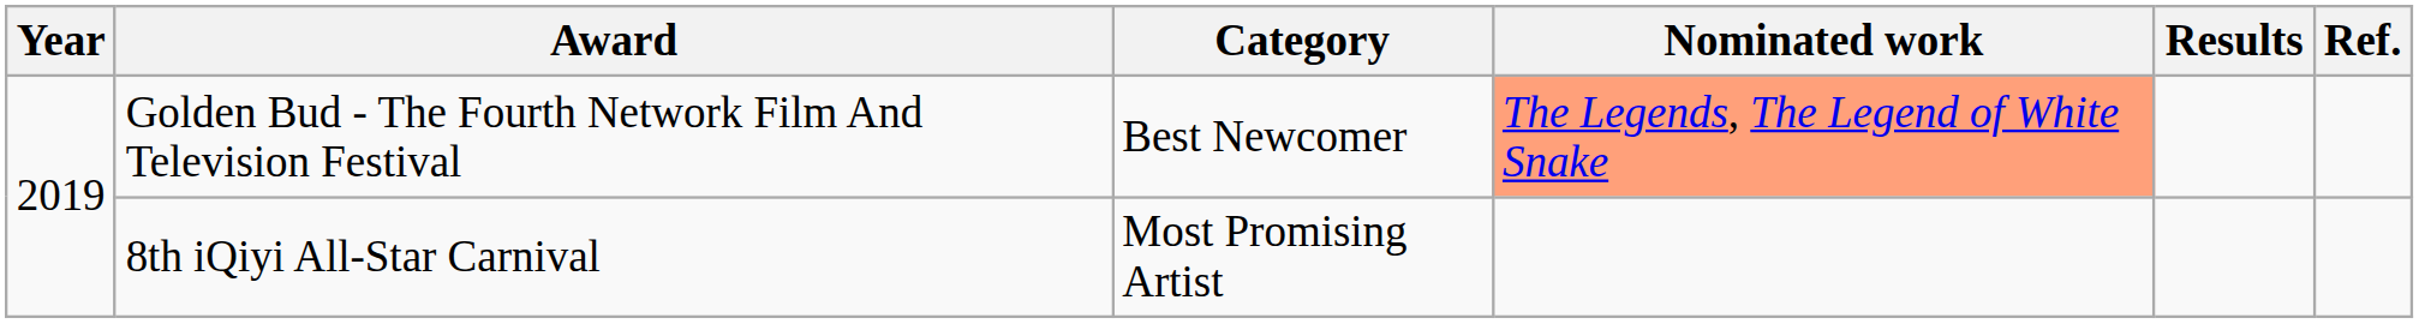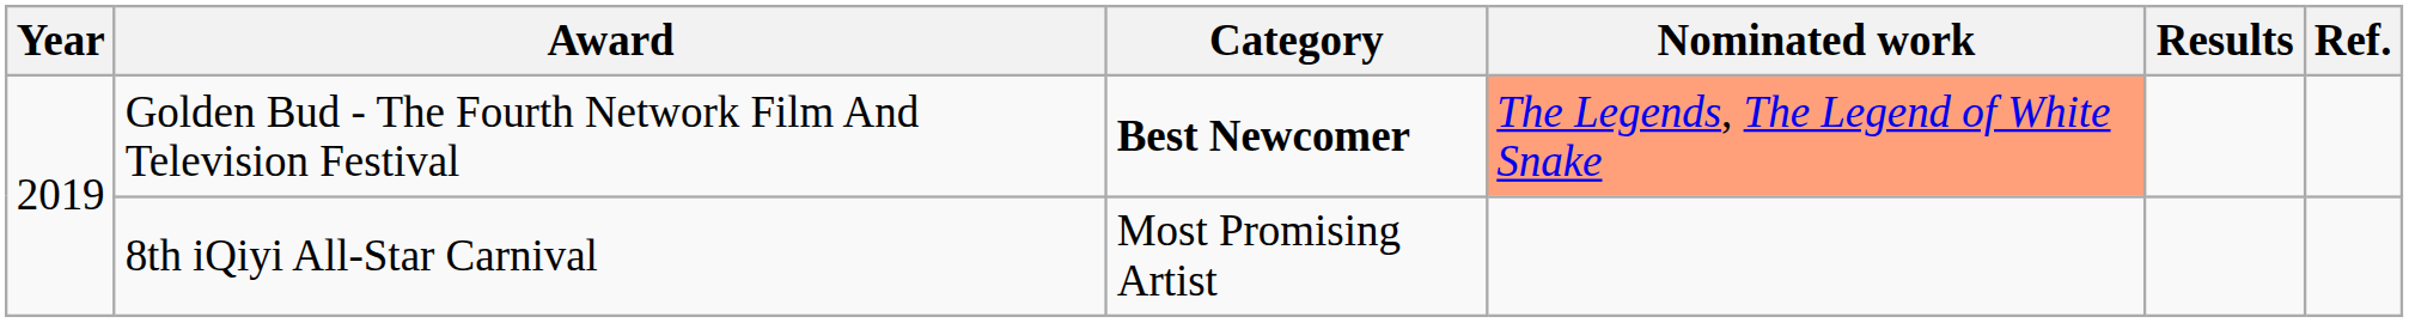 <table class="wikitable sortable">
 <tr>
 <th>Year</th>
 <th>Award</th>
 <th>Category</th>
 <th>Nominated work</th>
 <th>Results</th>
 <th class="unsortable">Ref.</th>
 </tr>
 <tr>
 <td rowspan=2>2019</td>
 <td>Golden Bud - The Fourth Network Film And Television Festival</td>
-<td>Best Newcomer</td>
+<td><strong>Best Newcomer</strong></td>
 <td style="background: lightsalmon;"><em><a href='#'>The Legends</a></em>, <em><a href='#'>The Legend of White Snake</a></em></td>
 <td></td>
 <td></td>
 </tr>
 <tr>
 <td>8th iQiyi All-Star Carnival</td>
 <td>Most Promising Artist</td>
 <td></td>
 <td></td>
 <td></td>
 </tr>
 </table>
